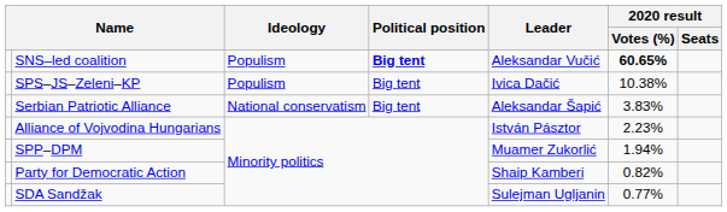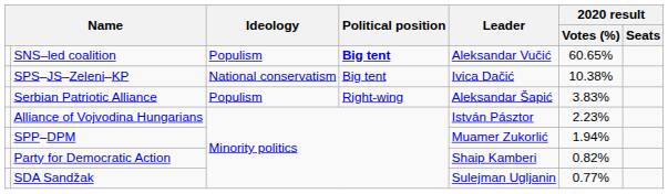 <table class="wikitable" style="text-align:left">
 <tr>
 <th colspan="2" rowspan="2">Name</th>
 <th rowspan="2">Ideology</th>
 <th rowspan="2">Political position</th>
 <th rowspan="2">Leader</th>
 <th colspan="2">2020 result</th>
 </tr>
 <tr>
 <th>Votes (%)</th>
 <th>Seats</th>
 </tr>
 <tr>
 <td style="background:"></td>
 <td><a href='#'>SNS–led coalition</a></td>
 <td><a href='#'>Populism</a></td>
 <td><strong><a href='#'>Big tent</a></strong></td>
 <td><a href='#'>Aleksandar Vučić</a></td>
-<td style="text-align:center"><strong>60.65%</strong></td>
+<td style="text-align:center">60.65%</td>
 <td></td>
 </tr>
 <tr>
 <td style="background:"></td>
 <td><a href='#'>SPS</a>–<a href='#'>JS</a>–<a href='#'>Zeleni</a>–<a href='#'>KP</a></td>
-<td><a href='#'>Populism</a></td>
+<td><a href='#'>National conservatism</a></td>
 <td><a href='#'>Big tent</a></td>
 <td><a href='#'>Ivica Dačić</a></td>
 <td style="text-align:center">10.38%</td>
 <td></td>
 </tr>
 <tr>
 <td style="background:"></td>
 <td><a href='#'>Serbian Patriotic Alliance</a></td>
-<td><a href='#'>National conservatism</a></td>
-<td><a href='#'>Big tent</a></td>
+<td><a href='#'>Populism</a></td>
+<td><a href='#'>Right-wing</a></td>
 <td><a href='#'>Aleksandar Šapić</a></td>
 <td style="text-align:center">3.83%</td>
 <td></td>
 </tr>
 <tr>
 <td style="background:"></td>
 <td><a href='#'>Alliance of Vojvodina Hungarians</a></td>
 <td colspan="2" rowspan="4"><a href='#'>Minority politics</a></td>
 <td><a href='#'>István Pásztor</a></td>
 <td style="text-align:center">2.23%</td>
 <td></td>
 </tr>
 <tr>
 <td style="background:"></td>
 <td><a href='#'>SPP</a>–<a href='#'>DPM</a></td>
 <td><a href='#'>Muamer Zukorlić</a></td>
 <td style="text-align:center">1.94%</td>
 <td></td>
 </tr>
 <tr>
 <td style="background:"></td>
 <td><a href='#'>Party for Democratic Action</a></td>
 <td><a href='#'>Shaip Kamberi</a></td>
 <td style="text-align:center">0.82%</td>
 <td></td>
 </tr>
 <tr>
 <td style="background:"></td>
 <td><a href='#'>SDA Sandžak</a></td>
 <td><a href='#'>Sulejman Ugljanin</a></td>
 <td style="text-align:center">0.77%</td>
 <td></td>
 </tr>
 </table>
